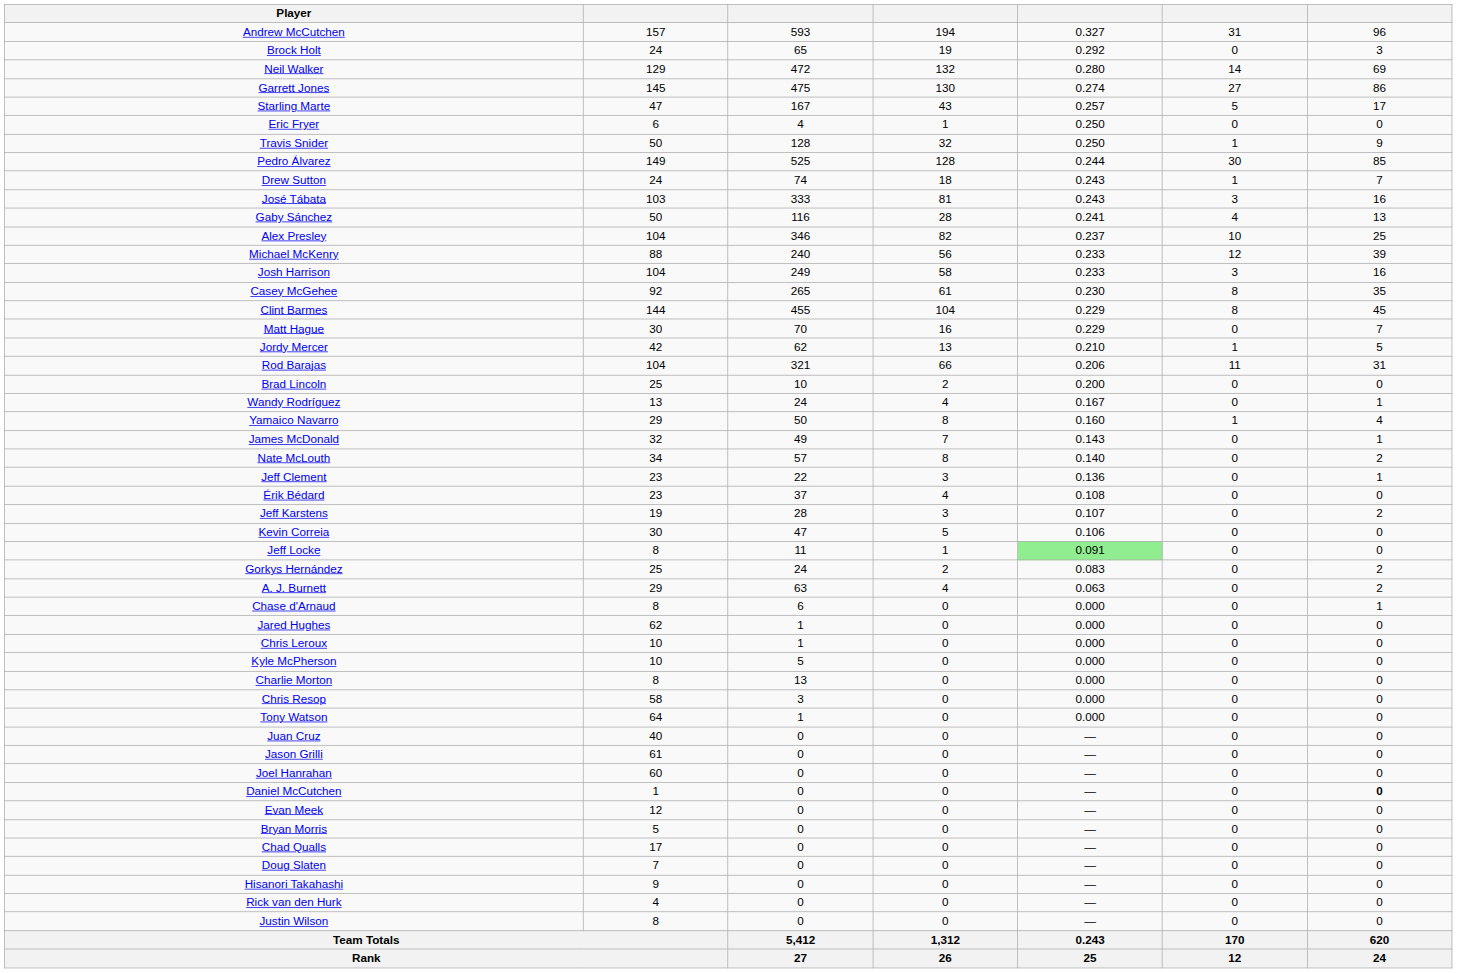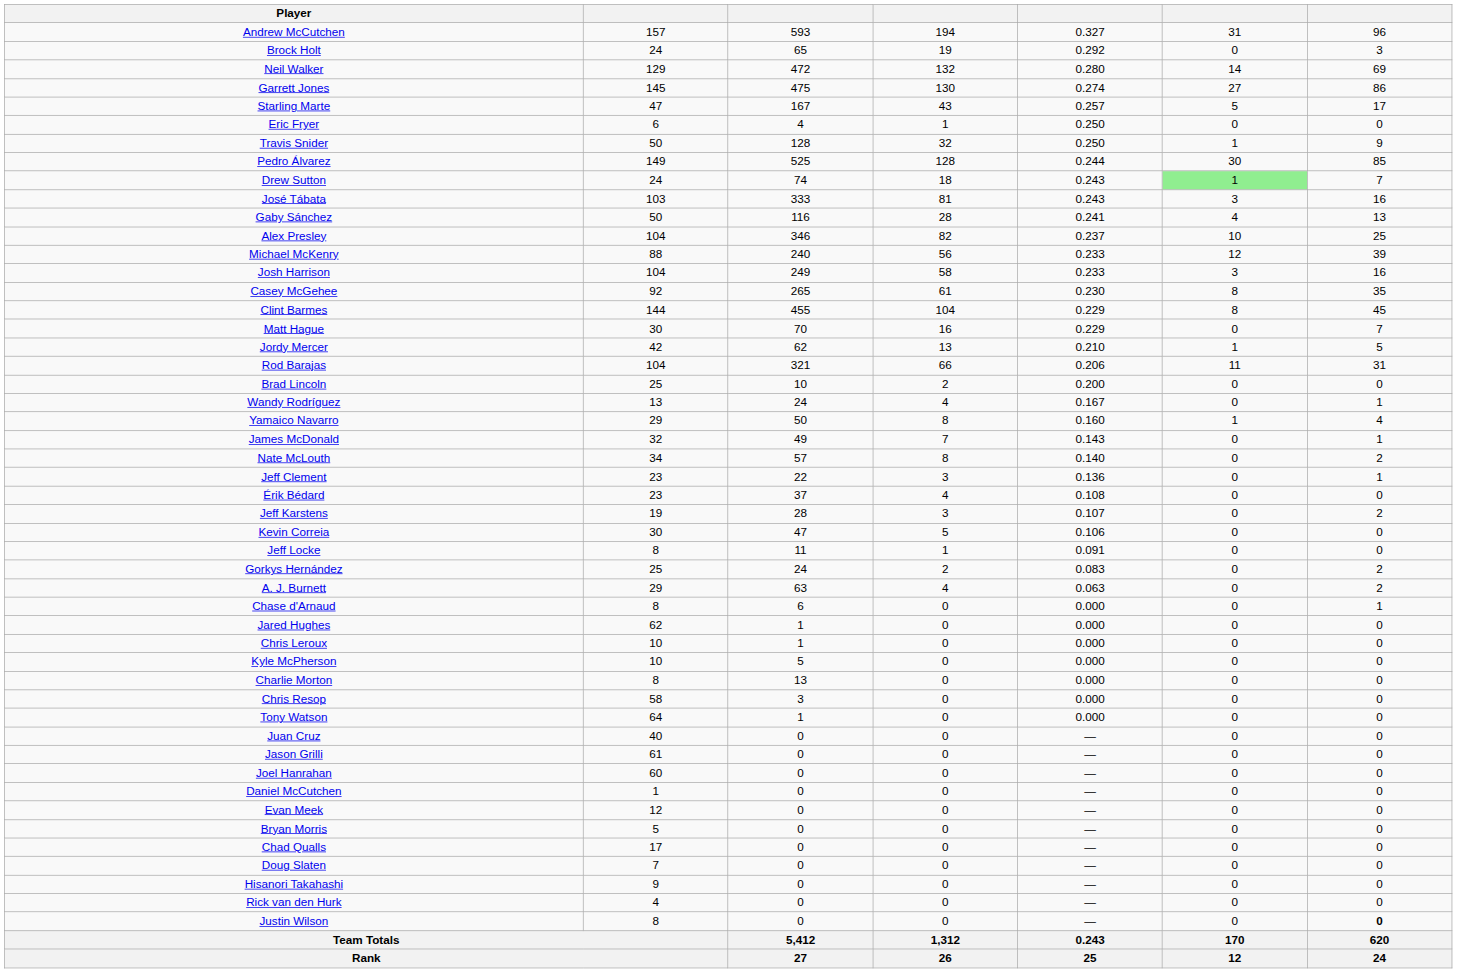 <table class="wikitable sortable" style="text-align:center;" width="100%">
 <tr>
 <th width="40%">Player</th>
 <th width="10%"></th>
 <th width="10%"></th>
 <th width="10%"></th>
 <th width="10%"></th>
 <th width="10%"></th>
 <th width="10%"></th>
 </tr>
 <tr>
 <td><a href='#'>Andrew McCutchen</a></td>
 <td>157</td>
 <td>593</td>
 <td>194</td>
 <td>0.327</td>
 <td>31</td>
 <td>96</td>
 </tr>
 <tr>
 <td><a href='#'>Brock Holt</a></td>
 <td>24</td>
 <td>65</td>
 <td>19</td>
 <td>0.292</td>
 <td>0</td>
 <td>3</td>
 </tr>
 <tr>
 <td><a href='#'>Neil Walker</a></td>
 <td>129</td>
 <td>472</td>
 <td>132</td>
 <td>0.280</td>
 <td>14</td>
 <td>69</td>
 </tr>
 <tr>
 <td><a href='#'>Garrett Jones</a></td>
 <td>145</td>
 <td>475</td>
 <td>130</td>
 <td>0.274</td>
 <td>27</td>
 <td>86</td>
 </tr>
 <tr>
 <td><a href='#'>Starling Marte</a></td>
 <td>47</td>
 <td>167</td>
 <td>43</td>
 <td>0.257</td>
 <td>5</td>
 <td>17</td>
 </tr>
 <tr>
 <td><a href='#'>Eric Fryer</a></td>
 <td>6</td>
 <td>4</td>
 <td>1</td>
 <td>0.250</td>
 <td>0</td>
 <td>0</td>
 </tr>
 <tr>
 <td><a href='#'>Travis Snider</a></td>
 <td>50</td>
 <td>128</td>
 <td>32</td>
 <td>0.250</td>
 <td>1</td>
 <td>9</td>
 </tr>
 <tr>
 <td><a href='#'>Pedro Álvarez</a></td>
 <td>149</td>
 <td>525</td>
 <td>128</td>
 <td>0.244</td>
 <td>30</td>
 <td>85</td>
 </tr>
 <tr>
 <td><a href='#'>Drew Sutton</a></td>
 <td>24</td>
 <td>74</td>
 <td>18</td>
 <td>0.243</td>
-<td>1</td>
+<td style="background: lightgreen;">1</td>
 <td>7</td>
 </tr>
 <tr>
 <td><a href='#'>José Tábata</a></td>
 <td>103</td>
 <td>333</td>
 <td>81</td>
 <td>0.243</td>
 <td>3</td>
 <td>16</td>
 </tr>
 <tr>
 <td><a href='#'>Gaby Sánchez</a></td>
 <td>50</td>
 <td>116</td>
 <td>28</td>
 <td>0.241</td>
 <td>4</td>
 <td>13</td>
 </tr>
 <tr>
 <td><a href='#'>Alex Presley</a></td>
 <td>104</td>
 <td>346</td>
 <td>82</td>
 <td>0.237</td>
 <td>10</td>
 <td>25</td>
 </tr>
 <tr>
 <td><a href='#'>Michael McKenry</a></td>
 <td>88</td>
 <td>240</td>
 <td>56</td>
 <td>0.233</td>
 <td>12</td>
 <td>39</td>
 </tr>
 <tr>
 <td><a href='#'>Josh Harrison</a></td>
 <td>104</td>
 <td>249</td>
 <td>58</td>
 <td>0.233</td>
 <td>3</td>
 <td>16</td>
 </tr>
 <tr>
 <td><a href='#'>Casey McGehee</a></td>
 <td>92</td>
 <td>265</td>
 <td>61</td>
 <td>0.230</td>
 <td>8</td>
 <td>35</td>
 </tr>
 <tr>
 <td><a href='#'>Clint Barmes</a></td>
 <td>144</td>
 <td>455</td>
 <td>104</td>
 <td>0.229</td>
 <td>8</td>
 <td>45</td>
 </tr>
 <tr>
 <td><a href='#'>Matt Hague</a></td>
 <td>30</td>
 <td>70</td>
 <td>16</td>
 <td>0.229</td>
 <td>0</td>
 <td>7</td>
 </tr>
 <tr>
 <td><a href='#'>Jordy Mercer</a></td>
 <td>42</td>
 <td>62</td>
 <td>13</td>
 <td>0.210</td>
 <td>1</td>
 <td>5</td>
 </tr>
 <tr>
 <td><a href='#'>Rod Barajas</a></td>
 <td>104</td>
 <td>321</td>
 <td>66</td>
 <td>0.206</td>
 <td>11</td>
 <td>31</td>
 </tr>
 <tr>
 <td><a href='#'>Brad Lincoln</a></td>
 <td>25</td>
 <td>10</td>
 <td>2</td>
 <td>0.200</td>
 <td>0</td>
 <td>0</td>
 </tr>
 <tr>
 <td><a href='#'>Wandy Rodríguez</a></td>
 <td>13</td>
 <td>24</td>
 <td>4</td>
 <td>0.167</td>
 <td>0</td>
 <td>1</td>
 </tr>
 <tr>
 <td><a href='#'>Yamaico Navarro</a></td>
 <td>29</td>
 <td>50</td>
 <td>8</td>
 <td>0.160</td>
 <td>1</td>
 <td>4</td>
 </tr>
 <tr>
 <td><a href='#'>James McDonald</a></td>
 <td>32</td>
 <td>49</td>
 <td>7</td>
 <td>0.143</td>
 <td>0</td>
 <td>1</td>
 </tr>
 <tr>
 <td><a href='#'>Nate McLouth</a></td>
 <td>34</td>
 <td>57</td>
 <td>8</td>
 <td>0.140</td>
 <td>0</td>
 <td>2</td>
 </tr>
 <tr>
 <td><a href='#'>Jeff Clement</a></td>
 <td>23</td>
 <td>22</td>
 <td>3</td>
 <td>0.136</td>
 <td>0</td>
 <td>1</td>
 </tr>
 <tr>
 <td><a href='#'>Érik Bédard</a></td>
 <td>23</td>
 <td>37</td>
 <td>4</td>
 <td>0.108</td>
 <td>0</td>
 <td>0</td>
 </tr>
 <tr>
 <td><a href='#'>Jeff Karstens</a></td>
 <td>19</td>
 <td>28</td>
 <td>3</td>
 <td>0.107</td>
 <td>0</td>
 <td>2</td>
 </tr>
 <tr>
 <td><a href='#'>Kevin Correia</a></td>
 <td>30</td>
 <td>47</td>
 <td>5</td>
 <td>0.106</td>
 <td>0</td>
 <td>0</td>
 </tr>
 <tr>
 <td><a href='#'>Jeff Locke</a></td>
 <td>8</td>
 <td>11</td>
 <td>1</td>
-<td style="background: lightgreen;">0.091</td>
+<td>0.091</td>
 <td>0</td>
 <td>0</td>
 </tr>
 <tr>
 <td><a href='#'>Gorkys Hernández</a></td>
 <td>25</td>
 <td>24</td>
 <td>2</td>
 <td>0.083</td>
 <td>0</td>
 <td>2</td>
 </tr>
 <tr>
 <td><a href='#'>A. J. Burnett</a></td>
 <td>29</td>
 <td>63</td>
 <td>4</td>
 <td>0.063</td>
 <td>0</td>
 <td>2</td>
 </tr>
 <tr>
 <td><a href='#'>Chase d'Arnaud</a></td>
 <td>8</td>
 <td>6</td>
 <td>0</td>
 <td>0.000</td>
 <td>0</td>
 <td>1</td>
 </tr>
 <tr>
 <td><a href='#'>Jared Hughes</a></td>
 <td>62</td>
 <td>1</td>
 <td>0</td>
 <td>0.000</td>
 <td>0</td>
 <td>0</td>
 </tr>
 <tr>
 <td><a href='#'>Chris Leroux</a></td>
 <td>10</td>
 <td>1</td>
 <td>0</td>
 <td>0.000</td>
 <td>0</td>
 <td>0</td>
 </tr>
 <tr>
 <td><a href='#'>Kyle McPherson</a></td>
 <td>10</td>
 <td>5</td>
 <td>0</td>
 <td>0.000</td>
 <td>0</td>
 <td>0</td>
 </tr>
 <tr>
 <td><a href='#'>Charlie Morton</a></td>
 <td>8</td>
 <td>13</td>
 <td>0</td>
 <td>0.000</td>
 <td>0</td>
 <td>0</td>
 </tr>
 <tr>
 <td><a href='#'>Chris Resop</a></td>
 <td>58</td>
 <td>3</td>
 <td>0</td>
 <td>0.000</td>
 <td>0</td>
 <td>0</td>
 </tr>
 <tr>
 <td><a href='#'>Tony Watson</a></td>
 <td>64</td>
 <td>1</td>
 <td>0</td>
 <td>0.000</td>
 <td>0</td>
 <td>0</td>
 </tr>
 <tr>
 <td><a href='#'>Juan Cruz</a></td>
 <td>40</td>
 <td>0</td>
 <td>0</td>
 <td>—</td>
 <td>0</td>
 <td>0</td>
 </tr>
 <tr>
 <td><a href='#'>Jason Grilli</a></td>
 <td>61</td>
 <td>0</td>
 <td>0</td>
 <td>—</td>
 <td>0</td>
 <td>0</td>
 </tr>
 <tr>
 <td><a href='#'>Joel Hanrahan</a></td>
 <td>60</td>
 <td>0</td>
 <td>0</td>
 <td>—</td>
 <td>0</td>
 <td>0</td>
 </tr>
 <tr>
 <td><a href='#'>Daniel McCutchen</a></td>
 <td>1</td>
 <td>0</td>
 <td>0</td>
 <td>—</td>
 <td>0</td>
-<td><strong>0</strong></td>
+<td>0</td>
 </tr>
 <tr>
 <td><a href='#'>Evan Meek</a></td>
 <td>12</td>
 <td>0</td>
 <td>0</td>
 <td>—</td>
 <td>0</td>
 <td>0</td>
 </tr>
 <tr>
 <td><a href='#'>Bryan Morris</a></td>
 <td>5</td>
 <td>0</td>
 <td>0</td>
 <td>—</td>
 <td>0</td>
 <td>0</td>
 </tr>
 <tr>
 <td><a href='#'>Chad Qualls</a></td>
 <td>17</td>
 <td>0</td>
 <td>0</td>
 <td>—</td>
 <td>0</td>
 <td>0</td>
 </tr>
 <tr>
 <td><a href='#'>Doug Slaten</a></td>
 <td>7</td>
 <td>0</td>
 <td>0</td>
 <td>—</td>
 <td>0</td>
 <td>0</td>
 </tr>
 <tr>
 <td><a href='#'>Hisanori Takahashi</a></td>
 <td>9</td>
 <td>0</td>
 <td>0</td>
 <td>—</td>
 <td>0</td>
 <td>0</td>
 </tr>
 <tr>
 <td><a href='#'>Rick van den Hurk</a></td>
 <td>4</td>
 <td>0</td>
 <td>0</td>
 <td>—</td>
 <td>0</td>
 <td>0</td>
 </tr>
 <tr>
 <td><a href='#'>Justin Wilson</a></td>
 <td>8</td>
 <td>0</td>
 <td>0</td>
 <td>—</td>
 <td>0</td>
-<td>0</td>
+<td><strong>0</strong></td>
 </tr>
 <tr>
 <th colspan="2">Team Totals</th>
 <th>5,412</th>
 <th>1,312</th>
 <th>0.243</th>
 <th>170</th>
 <th>620</th>
 </tr>
 <tr>
 <th colspan="2">Rank</th>
 <th>27</th>
 <th>26</th>
 <th>25</th>
 <th>12</th>
 <th>24</th>
 </tr>
 </table>
